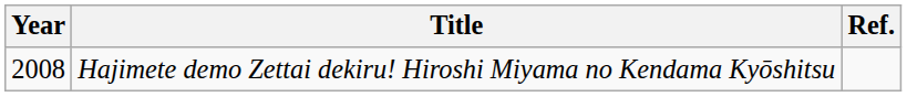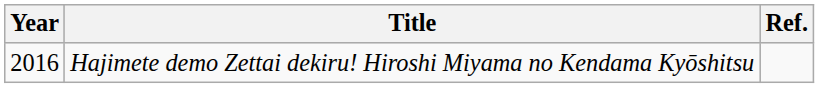 <table class="wikitable">
 <tr>
 <th>Year</th>
 <th>Title</th>
 <th>Ref.</th>
 </tr>
 <tr>
-<td>2008</td>
+<td>2016</td>
 <td><em>Hajimete demo Zettai dekiru! Hiroshi Miyama no Kendama Kyōshitsu</em></td>
 <td></td>
 </tr>
 </table>
